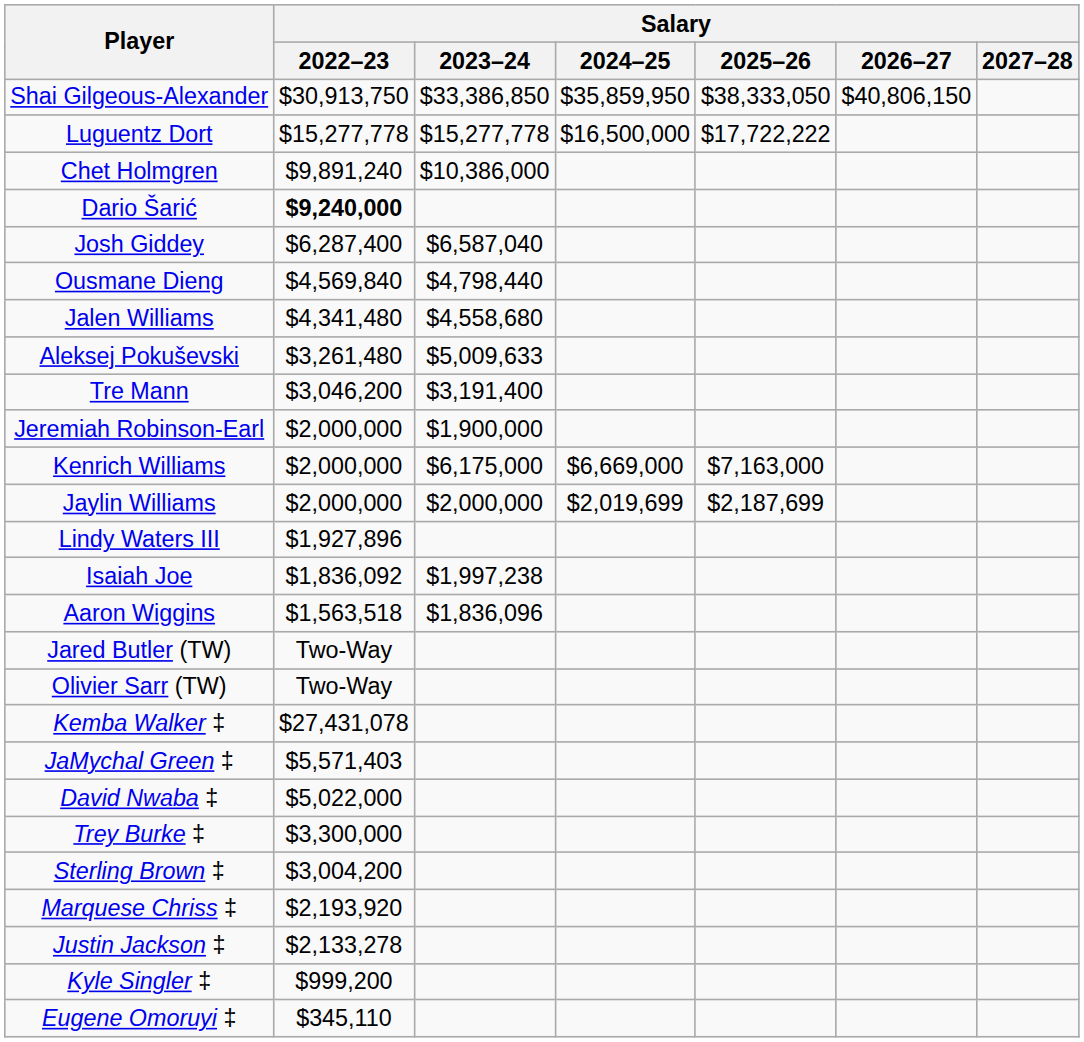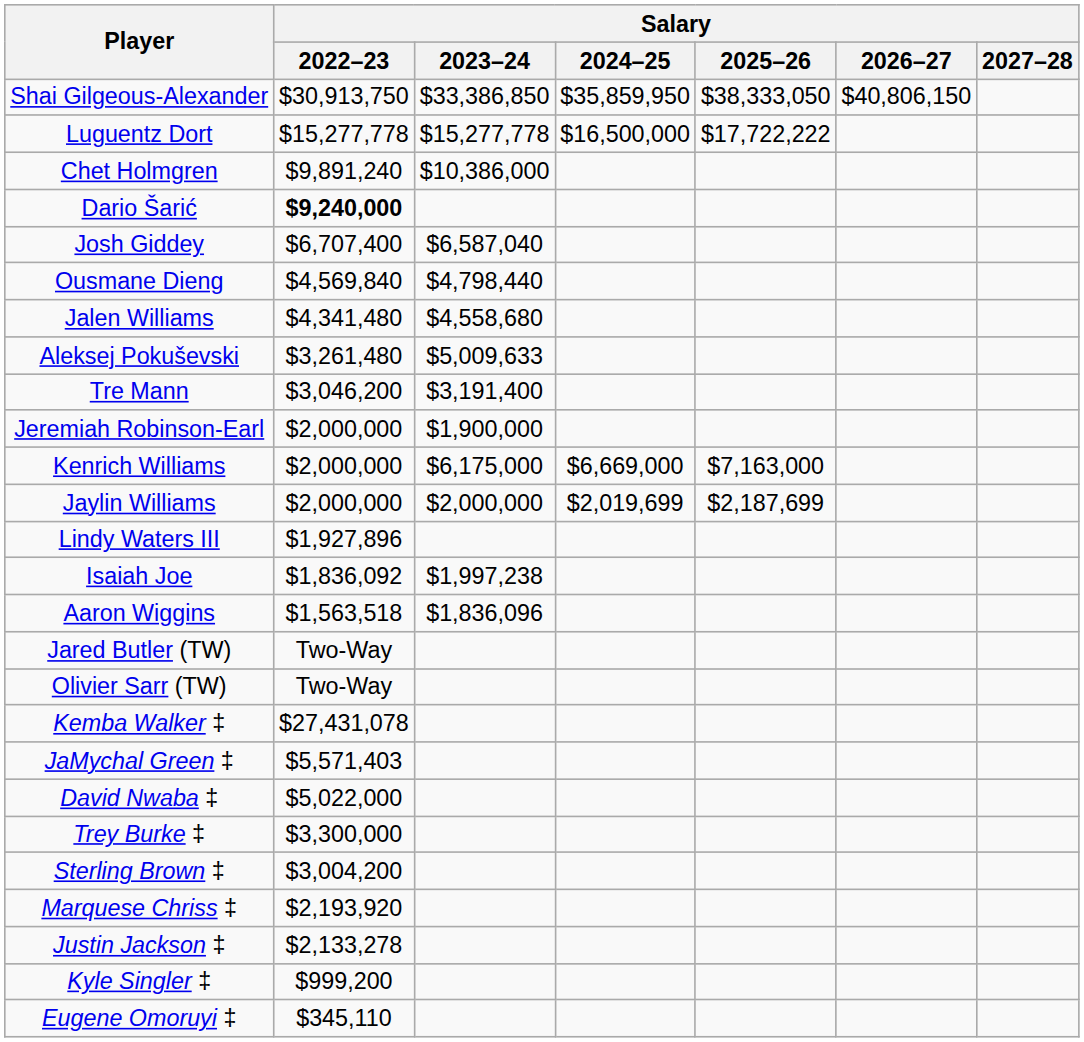 <table class="wikitable sortable" style="font-size:90%; text-align:center;">
 <tr>
 <th rowspan="2">Player</th>
 <th colspan="6">Salary</th>
 </tr>
 <tr>
 <th>2022–23</th>
 <th>2023–24</th>
 <th>2024–25</th>
 <th>2025–26</th>
 <th>2026–27</th>
 <th>2027–28</th>
 </tr>
 <tr>
 <td><a href='#'>Shai Gilgeous-Alexander</a></td>
 <td>$30,913,750</td>
 <td>$33,386,850</td>
 <td>$35,859,950</td>
 <td>$38,333,050</td>
 <td>$40,806,150</td>
 <td></td>
 </tr>
 <tr>
 <td><a href='#'>Luguentz Dort</a></td>
 <td>$15,277,778</td>
 <td>$15,277,778</td>
 <td>$16,500,000</td>
 <td>$17,722,222</td>
 <td></td>
 <td></td>
 </tr>
 <tr>
 <td><a href='#'>Chet Holmgren</a></td>
 <td>$9,891,240</td>
 <td>$10,386,000</td>
 <td></td>
 <td></td>
 <td></td>
 <td></td>
 </tr>
 <tr>
 <td><a href='#'>Dario Šarić</a></td>
 <td><strong>$9,240,000</strong></td>
 <td></td>
 <td></td>
 <td></td>
 <td></td>
 <td></td>
 </tr>
 <tr>
 <td><a href='#'>Josh Giddey</a></td>
-<td>$6,287,400</td>
+<td>$6,707,400</td>
 <td>$6,587,040</td>
 <td></td>
 <td></td>
 <td></td>
 <td></td>
 </tr>
 <tr>
 <td><a href='#'>Ousmane Dieng</a></td>
 <td>$4,569,840</td>
 <td>$4,798,440</td>
 <td></td>
 <td></td>
 <td></td>
 <td></td>
 </tr>
 <tr>
 <td><a href='#'>Jalen Williams</a></td>
 <td>$4,341,480</td>
 <td>$4,558,680</td>
 <td></td>
 <td></td>
 <td></td>
 <td></td>
 </tr>
 <tr>
 <td><a href='#'>Aleksej Pokuševski</a></td>
 <td>$3,261,480</td>
 <td>$5,009,633</td>
 <td></td>
 <td></td>
 <td></td>
 <td></td>
 </tr>
 <tr>
 <td><a href='#'>Tre Mann</a></td>
 <td>$3,046,200</td>
 <td>$3,191,400</td>
 <td></td>
 <td></td>
 <td></td>
 <td></td>
 </tr>
 <tr>
 <td><a href='#'>Jeremiah Robinson-Earl</a></td>
 <td>$2,000,000</td>
 <td>$1,900,000</td>
 <td></td>
 <td></td>
 <td></td>
 <td></td>
 </tr>
 <tr>
 <td><a href='#'>Kenrich Williams</a></td>
 <td>$2,000,000</td>
 <td>$6,175,000</td>
 <td>$6,669,000</td>
 <td>$7,163,000</td>
 <td></td>
 <td></td>
 </tr>
 <tr>
 <td><a href='#'>Jaylin Williams</a></td>
 <td>$2,000,000</td>
 <td>$2,000,000</td>
 <td>$2,019,699</td>
 <td>$2,187,699</td>
 <td></td>
 <td></td>
 </tr>
 <tr>
 <td><a href='#'>Lindy Waters III</a></td>
 <td>$1,927,896</td>
 <td></td>
 <td></td>
 <td></td>
 <td></td>
 <td></td>
 </tr>
 <tr>
 <td><a href='#'>Isaiah Joe</a></td>
 <td>$1,836,092</td>
 <td>$1,997,238</td>
 <td></td>
 <td></td>
 <td></td>
 <td></td>
 </tr>
 <tr>
 <td><a href='#'>Aaron Wiggins</a></td>
 <td>$1,563,518</td>
 <td>$1,836,096</td>
 <td></td>
 <td></td>
 <td></td>
 <td></td>
 </tr>
 <tr>
 <td><a href='#'>Jared Butler</a> (TW)</td>
 <td>Two-Way</td>
 <td></td>
 <td></td>
 <td></td>
 <td></td>
 <td></td>
 </tr>
 <tr>
 <td><a href='#'>Olivier Sarr</a> (TW)</td>
 <td>Two-Way</td>
 <td></td>
 <td></td>
 <td></td>
 <td></td>
 <td></td>
 </tr>
 <tr>
 <td><em><a href='#'>Kemba Walker</a></em> ‡</td>
 <td>$27,431,078</td>
 <td></td>
 <td></td>
 <td></td>
 <td></td>
 <td></td>
 </tr>
 <tr>
 <td><em><a href='#'>JaMychal Green</a></em> ‡</td>
 <td>$5,571,403</td>
 <td></td>
 <td></td>
 <td></td>
 <td></td>
 <td></td>
 </tr>
 <tr>
 <td><em><a href='#'>David Nwaba</a></em> ‡</td>
 <td>$5,022,000</td>
 <td></td>
 <td></td>
 <td></td>
 <td></td>
 <td></td>
 </tr>
 <tr>
 <td><em><a href='#'>Trey Burke</a></em> ‡</td>
 <td>$3,300,000</td>
 <td></td>
 <td></td>
 <td></td>
 <td></td>
 <td></td>
 </tr>
 <tr>
 <td><em><a href='#'>Sterling Brown</a></em> ‡</td>
 <td>$3,004,200</td>
 <td></td>
 <td></td>
 <td></td>
 <td></td>
 <td></td>
 </tr>
 <tr>
 <td><em><a href='#'>Marquese Chriss</a></em> ‡</td>
 <td>$2,193,920</td>
 <td></td>
 <td></td>
 <td></td>
 <td></td>
 <td></td>
 </tr>
 <tr>
 <td><em><a href='#'>Justin Jackson</a></em> ‡</td>
 <td>$2,133,278</td>
 <td></td>
 <td></td>
 <td></td>
 <td></td>
 <td></td>
 </tr>
 <tr>
 <td><em><a href='#'>Kyle Singler</a></em> ‡</td>
 <td>$999,200</td>
 <td></td>
 <td></td>
 <td></td>
 <td></td>
 <td></td>
 </tr>
 <tr>
 <td><em><a href='#'>Eugene Omoruyi</a></em> ‡</td>
 <td>$345,110</td>
 <td></td>
 <td></td>
 <td></td>
 <td></td>
 <td></td>
 </tr>
 </table>
